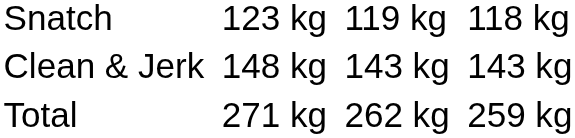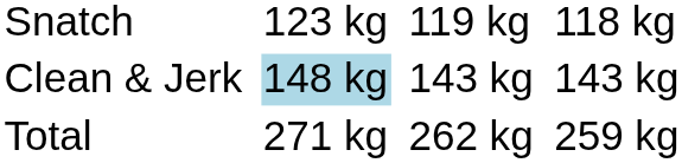 <table>
 <tr>
 <td>Snatch</td>
 <td></td>
 <td>123 kg</td>
 <td></td>
 <td>119 kg</td>
 <td></td>
 <td>118 kg</td>
 </tr>
 <tr>
 <td>Clean & Jerk</td>
 <td></td>
-<td>148 kg</td>
+<td style="background: lightblue;">148 kg</td>
 <td></td>
 <td>143 kg</td>
 <td></td>
 <td>143 kg</td>
 </tr>
 <tr>
 <td>Total</td>
 <td></td>
 <td>271 kg</td>
 <td></td>
 <td>262 kg</td>
 <td></td>
 <td>259 kg</td>
 </tr>
 </table>
